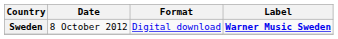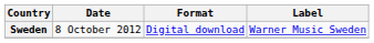 <table class="wikitable plainrowheaders">
 <tr>
 <th scope="col">Country</th>
 <th scope="col">Date</th>
 <th scope="col">Format</th>
 <th scope="col">Label</th>
 </tr>
 <tr>
 <th scope="row">Sweden</th>
 <td>8 October 2012</td>
 <td><a href='#'>Digital download</a></td>
-<td><strong><a href='#'>Warner Music Sweden</a></strong></td>
+<td><a href='#'>Warner Music Sweden</a></td>
 </tr>
 <tr>
 </tr>
 </table>
